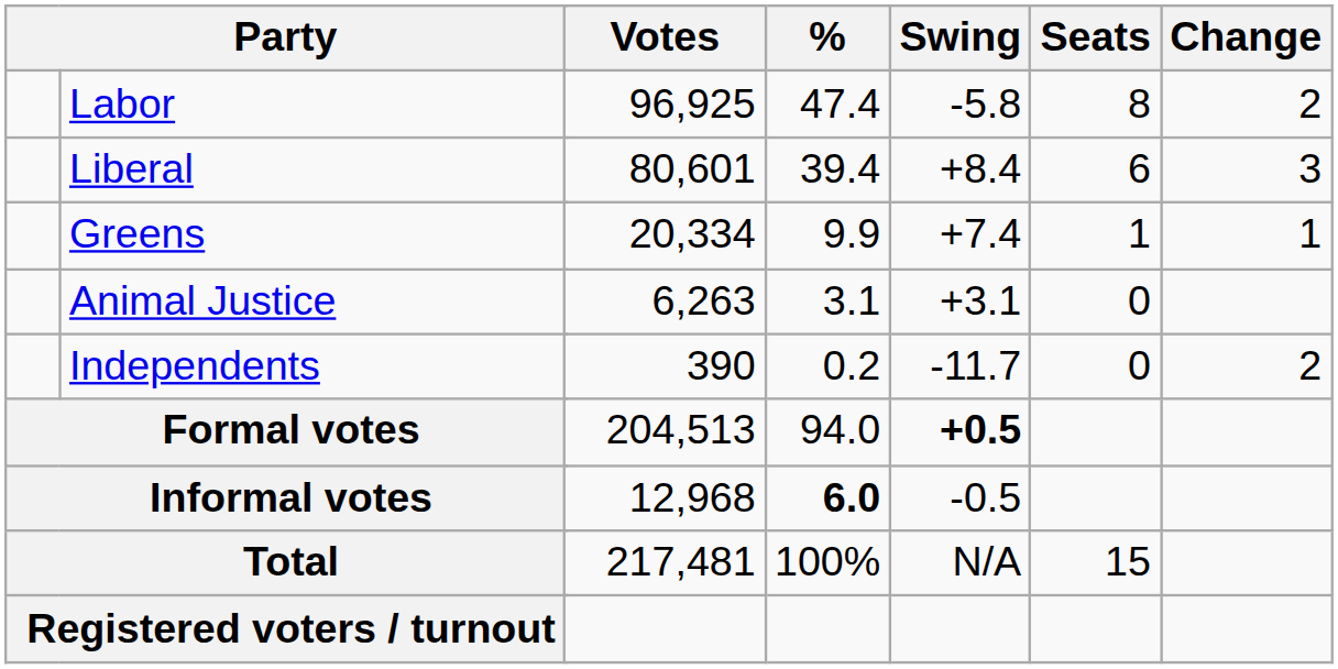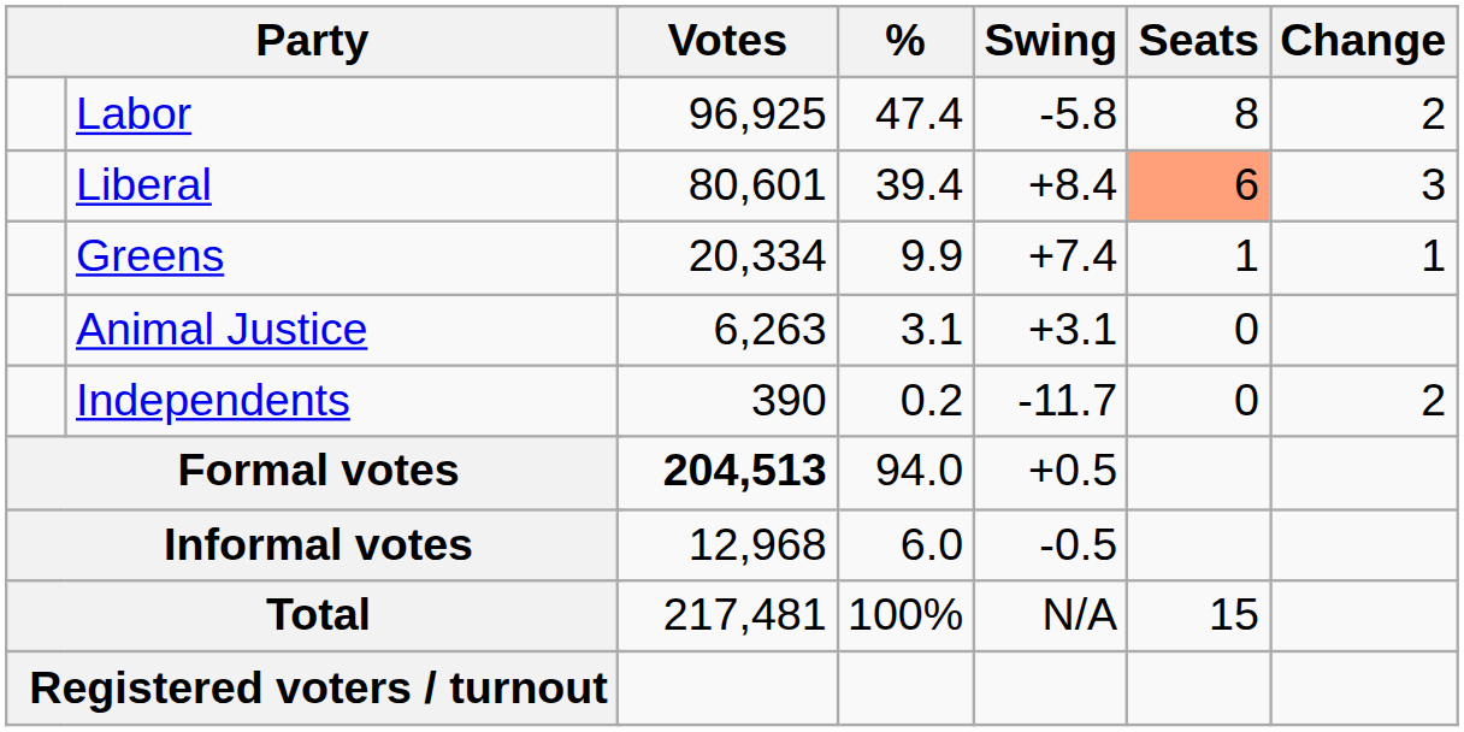 <table class="wikitable" style="text-align:right; margin-bottom:0">
 <tr>
 <th style="width:10px" colspan=3>Party</th>
 <th style="width:70px;">Votes</th>
 <th style="width:40px;">%</th>
 <th style="width:40px;">Swing</th>
 <th style="width:40px;">Seats</th>
 <th style="width:40px;">Change</th>
 </tr>
 <tr>
 <td> </td>
 <td style="text-align:left;" colspan="2"><a href='#'>Labor</a></td>
 <td>96,925</td>
 <td>47.4</td>
 <td>-5.8</td>
 <td>8</td>
 <td> 2</td>
 </tr>
 <tr>
 <td> </td>
 <td style="text-align:left;" colspan="2"><a href='#'>Liberal</a></td>
 <td>80,601</td>
 <td>39.4</td>
 <td>+8.4</td>
-<td>6</td>
+<td style="background: lightsalmon;">6</td>
 <td> 3</td>
 </tr>
 <tr>
 <td> </td>
 <td style="text-align:left;" colspan="2"><a href='#'>Greens</a></td>
 <td>20,334</td>
 <td>9.9</td>
 <td>+7.4</td>
 <td>1</td>
 <td> 1</td>
 </tr>
 <tr>
 <td> </td>
 <td style="text-align:left;" colspan="2"><a href='#'>Animal Justice</a></td>
 <td>6,263</td>
 <td>3.1</td>
 <td>+3.1</td>
 <td>0</td>
 <td></td>
 </tr>
 <tr>
 <td> </td>
 <td style="text-align:left;" colspan="2"><a href='#'>Independents</a></td>
 <td>390</td>
 <td>0.2</td>
 <td>-11.7</td>
 <td>0</td>
 <td> 2</td>
 </tr>
 <tr>
 <th colspan="3" rowspan="1"> Formal votes</th>
-<td>204,513</td>
+<td><strong>204,513</strong></td>
 <td>94.0</td>
-<td><strong>+0.5</strong></td>
+<td>+0.5</td>
 <td></td>
 <td></td>
 </tr>
 <tr>
 <th colspan="3" rowspan="1"> Informal votes</th>
 <td>12,968</td>
-<td><strong>6.0</strong></td>
+<td>6.0</td>
 <td>-0.5</td>
 <td></td>
 <td></td>
 </tr>
 <tr>
 <th colspan="3" rowspan="1"> <strong>Total </strong></th>
 <td>217,481</td>
 <td>100%</td>
 <td>N/A</td>
 <td>15</td>
 <td></td>
 </tr>
 <tr>
 <th colspan="3" rowspan="1"> Registered voters / turnout</th>
 <td></td>
 <td></td>
 <td></td>
 <td></td>
 <td></td>
 </tr>
 </table>
